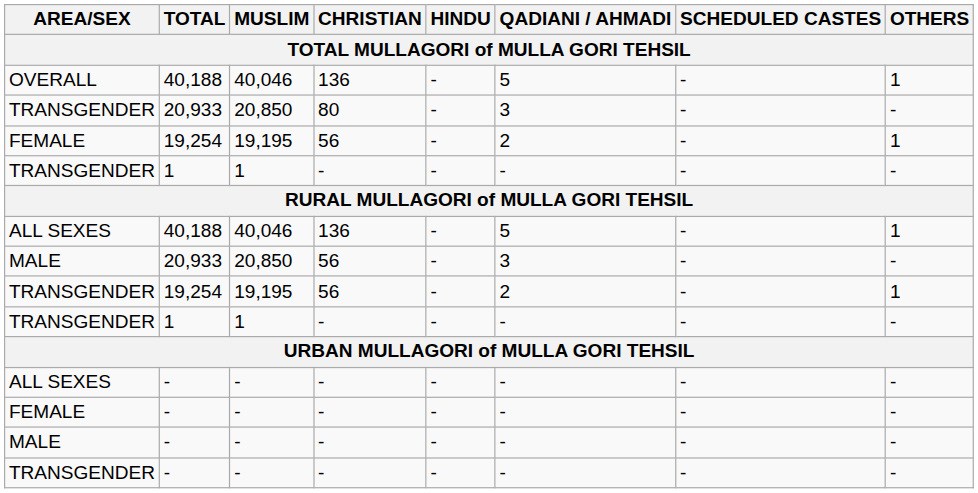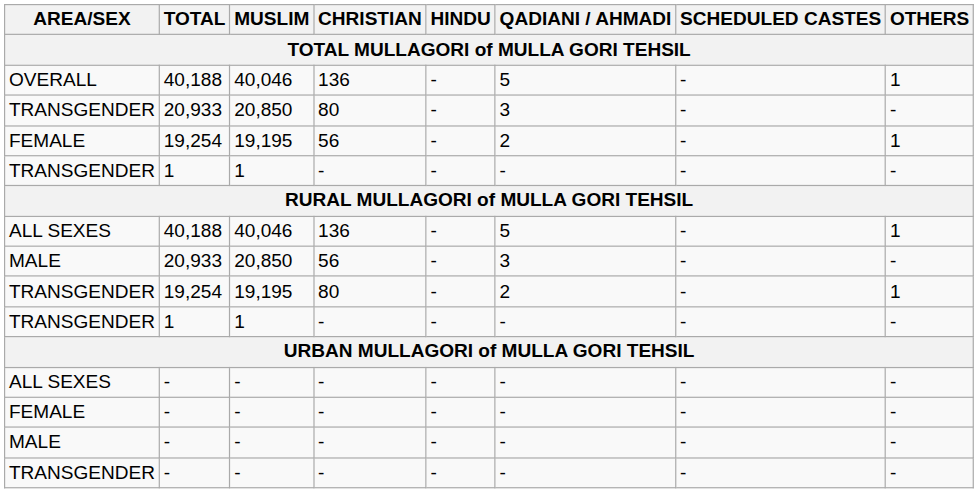 <table class="wikitable">
 <tr>
 <th>AREA/SEX</th>
 <th>TOTAL</th>
 <th>MUSLIM</th>
 <th>CHRISTIAN</th>
 <th>HINDU</th>
 <th>QADIANI / AHMADI</th>
 <th>SCHEDULED CASTES</th>
 <th>OTHERS</th>
 </tr>
 <tr>
 <th colspan="8">TOTAL MULLAGORI of MULLA GORI TEHSIL</th>
 </tr>
 <tr>
 <td>OVERALL</td>
 <td>40,188</td>
 <td>40,046</td>
 <td>136</td>
 <td>-</td>
 <td>5</td>
 <td>-</td>
 <td>1</td>
 </tr>
 <tr>
 <td>TRANSGENDER</td>
 <td>20,933</td>
 <td>20,850</td>
 <td>80</td>
 <td>-</td>
 <td>3</td>
 <td>-</td>
 <td>-</td>
 </tr>
 <tr>
 <td>FEMALE</td>
 <td>19,254</td>
 <td>19,195</td>
 <td>56</td>
 <td>-</td>
 <td>2</td>
 <td>-</td>
 <td>1</td>
 </tr>
 <tr>
 <td>TRANSGENDER</td>
 <td>1</td>
 <td>1</td>
 <td>-</td>
 <td>-</td>
 <td>-</td>
 <td>-</td>
 <td>-</td>
 </tr>
 <tr>
 <th colspan="8">RURAL MULLAGORI of MULLA GORI TEHSIL</th>
 </tr>
 <tr>
 <td>ALL SEXES</td>
 <td>40,188</td>
 <td>40,046</td>
 <td>136</td>
 <td>-</td>
 <td>5</td>
 <td>-</td>
 <td>1</td>
 </tr>
 <tr>
 <td>MALE</td>
 <td>20,933</td>
 <td>20,850</td>
 <td>56</td>
 <td>-</td>
 <td>3</td>
 <td>-</td>
 <td>-</td>
 </tr>
 <tr>
 <td>TRANSGENDER</td>
 <td>19,254</td>
 <td>19,195</td>
-<td>56</td>
+<td>80</td>
 <td>-</td>
 <td>2</td>
 <td>-</td>
 <td>1</td>
 </tr>
 <tr>
 <td>TRANSGENDER</td>
 <td>1</td>
 <td>1</td>
 <td>-</td>
 <td>-</td>
 <td>-</td>
 <td>-</td>
 <td>-</td>
 </tr>
 <tr>
 <th colspan="8">URBAN MULLAGORI of MULLA GORI TEHSIL</th>
 </tr>
 <tr>
 <td>ALL SEXES</td>
 <td>-</td>
 <td>-</td>
 <td>-</td>
 <td>-</td>
 <td>-</td>
 <td>-</td>
 <td>-</td>
 </tr>
 <tr>
 <td>FEMALE</td>
 <td>-</td>
 <td>-</td>
 <td>-</td>
 <td>-</td>
 <td>-</td>
 <td>-</td>
 <td>-</td>
 </tr>
 <tr>
 <td>MALE</td>
 <td>-</td>
 <td>-</td>
 <td>-</td>
 <td>-</td>
 <td>-</td>
 <td>-</td>
 <td>-</td>
 </tr>
 <tr>
 <td>TRANSGENDER</td>
 <td>-</td>
 <td>-</td>
 <td>-</td>
 <td>-</td>
 <td>-</td>
 <td>-</td>
 <td>-</td>
 </tr>
 </table>
